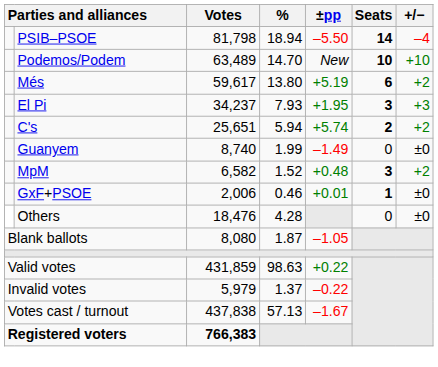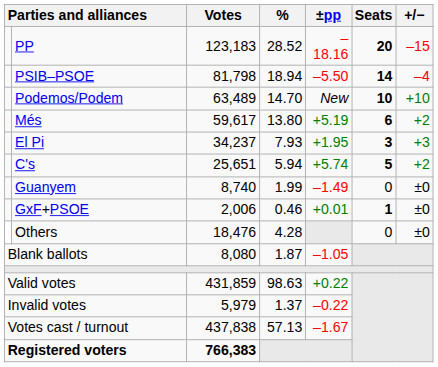 <table class="wikitable" style="text-align:right;">
 <tr>
 <th style="text-align:left;" colspan="2" width="200">Parties and alliances</th>
 <th width="75">Votes</th>
 <th width="45">%</th>
 <th width="45">±<a href='#'>pp</a></th>
 <th width="35">Seats</th>
 <th width="35">+/−</th>
+</tr>
+<tr>
+<td width="1" style="color:inherit;background:"></td>
+<td align="left"><a href='#'>PP</a></td>
+<td>123,183</td>
+<td>28.52</td>
+<td style="color:red;">–18.16</td>
+<td><strong>20</strong></td>
+<td style="color:red;">–15</td>
 </tr>
 <tr>
 <td style="color:inherit;background:"></td>
 <td align="left"><a href='#'>PSIB–PSOE</a></td>
 <td>81,798</td>
 <td>18.94</td>
 <td style="color:red;">–5.50</td>
 <td><strong>14</strong></td>
 <td style="color:red;">–4</td>
 </tr>
 <tr>
 <td style="color:inherit;background:"></td>
 <td align="left"><a href='#'>Podemos/Podem</a></td>
 <td>63,489</td>
 <td>14.70</td>
 <td><em>New</em></td>
 <td><strong>10</strong></td>
 <td style="color:green;">+10</td>
 </tr>
 <tr>
 <td style="color:inherit;background:"></td>
 <td align="left"><a href='#'>Més</a></td>
 <td>59,617</td>
 <td>13.80</td>
 <td style="color:green;">+5.19</td>
 <td><strong>6</strong></td>
 <td style="color:green;">+2</td>
 </tr>
 <tr>
 <td style="color:inherit;background:"></td>
 <td align="left"><a href='#'>El Pi</a></td>
 <td>34,237</td>
 <td>7.93</td>
 <td style="color:green;">+1.95</td>
 <td><strong>3</strong></td>
 <td style="color:green;">+3</td>
 </tr>
 <tr>
 <td style="color:inherit;background:"></td>
 <td align="left"><a href='#'>C's</a></td>
 <td>25,651</td>
 <td>5.94</td>
 <td style="color:green;">+5.74</td>
-<td><strong>2</strong></td>
+<td><strong>5</strong></td>
 <td style="color:green;">+2</td>
 </tr>
 <tr>
 <td style="color:inherit;background:"></td>
 <td align="left"><a href='#'>Guanyem</a></td>
 <td>8,740</td>
 <td>1.99</td>
 <td style="color:red;">–1.49</td>
 <td>0</td>
 <td>±0</td>
-</tr>
-<tr>
-<td style="color:inherit;background:"></td>
-<td align="left"><a href='#'>MpM</a></td>
-<td>6,582</td>
-<td>1.52</td>
-<td style="color:green;">+0.48</td>
-<td><strong>3</strong></td>
-<td style="color:green;">+2</td>
 </tr>
 <tr>
 <td style="color:inherit;background:"></td>
 <td align="left"><a href='#'>GxF</a>+<a href='#'>PSOE</a></td>
 <td>2,006</td>
 <td>0.46</td>
 <td style="color:green;">+0.01</td>
 <td><strong>1</strong></td>
 <td>±0</td>
 </tr>
 <tr>
 <td bgcolor="white"></td>
 <td align="left">Others</td>
 <td>18,476</td>
 <td>4.28</td>
 <td bgcolor="#E9E9E9"></td>
 <td>0</td>
 <td>±0</td>
 </tr>
 <tr>
 <td align="left" colspan="2">Blank ballots</td>
 <td>8,080</td>
 <td>1.87</td>
 <td style="color:red;">–1.05</td>
 <td bgcolor="#E9E9E9" colspan="2"></td>
 </tr>
 <tr>
 <td colspan="7" bgcolor="#E9E9E9"></td>
 </tr>
 <tr>
 <td align="left" colspan="2">Valid votes</td>
 <td>431,859</td>
 <td>98.63</td>
 <td style="color:green;">+0.22</td>
 <td bgcolor="#E9E9E9" colspan="2" rowspan="4"></td>
 </tr>
 <tr>
 <td align="left" colspan="2">Invalid votes</td>
 <td>5,979</td>
 <td>1.37</td>
 <td style="color:red;">–0.22</td>
 </tr>
 <tr>
 <td align="left" colspan="2">Votes cast / turnout</td>
 <td>437,838</td>
 <td>57.13</td>
 <td style="color:red;">–1.67</td>
 </tr>
 <tr style="font-weight:bold;">
 <td align="left" colspan="2">Registered voters</td>
 <td>766,383</td>
 <td bgcolor="#E9E9E9" colspan="2"></td>
 </tr>
 </table>
